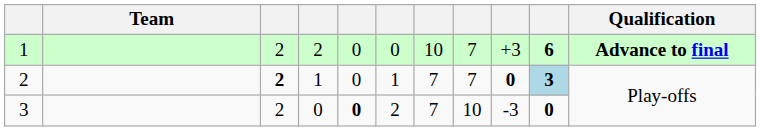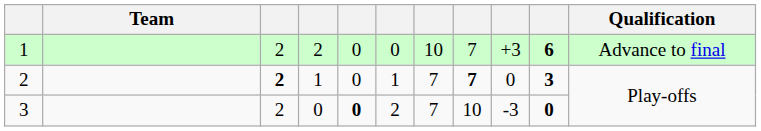 <table class="wikitable" style="text-align: center;">
 <tr>
 <th width="25"></th>
 <th width="175">Team</th>
 <th width="25"></th>
 <th width="25"></th>
 <th width="25"></th>
 <th width="25"></th>
 <th width="25"></th>
 <th width="25"></th>
 <th width="25"></th>
 <th width="25"></th>
 <th width="150">Qualification</th>
 </tr>
 <tr style="background-color: #ccffcc;">
 <td>1</td>
 <td align=left></td>
 <td>2</td>
 <td>2</td>
 <td>0</td>
 <td>0</td>
 <td>10</td>
 <td>7</td>
 <td>+3</td>
 <td><strong>6</strong></td>
-<td><strong>Advance to <a href='#'>final</a></strong></td>
+<td>Advance to <a href='#'>final</a></td>
 </tr>
 <tr>
 <td>2</td>
 <td align=left></td>
 <td><strong>2</strong></td>
 <td>1</td>
 <td>0</td>
 <td>1</td>
 <td>7</td>
-<td>7</td>
-<td><strong>0</strong></td>
-<td style="background: lightblue;"><strong>3</strong></td>
+<td><strong>7</strong></td>
+<td>0</td>
+<td><strong>3</strong></td>
 <td rowspan="2">Play-offs</td>
 </tr>
 <tr>
 <td>3</td>
 <td align=left></td>
 <td>2</td>
 <td>0</td>
 <td><strong>0</strong></td>
 <td>2</td>
 <td>7</td>
 <td>10</td>
 <td>-3</td>
 <td><strong>0</strong></td>
 </tr>
 </table>
